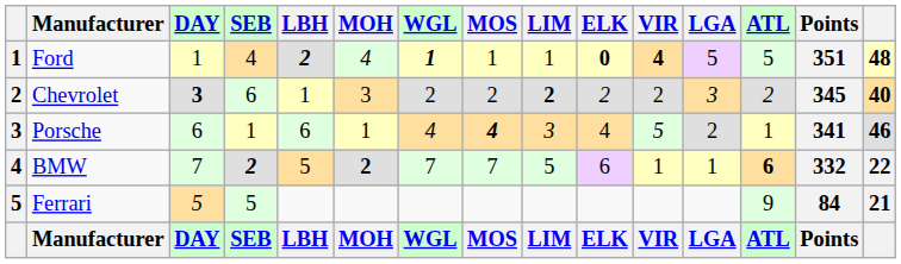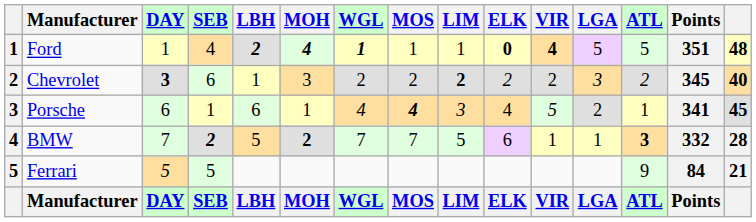 <table class="wikitable" style="font-size:85%; text-align:center">
 <tr style="background:#f9f9f9; vertical-align:top;">
 <th valign=middle></th>
 <th valign=middle>Manufacturer</th>
 <td style="background:#ccffcc;"><strong><a href='#'>DAY</a></strong></td>
 <td style="background:#ccffcc;"><strong><a href='#'>SEB</a></strong></td>
 <th><a href='#'>LBH</a></th>
 <th><a href='#'>MOH</a></th>
 <td style="background:#ccffcc;"><strong><a href='#'>WGL</a></strong></td>
 <th><a href='#'>MOS</a></th>
 <th><a href='#'>LIM</a></th>
 <th><a href='#'>ELK</a></th>
 <th><a href='#'>VIR</a></th>
 <th><a href='#'>LGA</a></th>
 <td style="background:#ccffcc;"><strong><a href='#'>ATL</a></strong></td>
 <th valign=middle>Points</th>
 <th valign=middle></th>
 </tr>
 <tr>
 <th>1</th>
 <td align=left><a href='#'>Ford</a></td>
 <td style="background:#ffffbf;">1</td>
 <td style="background:#ffdf9f;">4</td>
 <td style="background:#dfdfdf;"><strong><em>2</em></strong></td>
-<td style="background:#dfffdf;"><em>4</em></td>
+<td style="background:#dfffdf;"><strong><em>4</em></strong></td>
 <td style="background:#ffffbf;"><strong><em>1</em></strong></td>
 <td style="background:#ffffbf;">1</td>
 <td style="background:#ffffbf;">1</td>
 <td style="background:#ffffbf;"><strong>0</strong></td>
 <td style="background:#ffdf9f;"><strong>4</strong></td>
 <td style="background:#efcfff;">5</td>
 <td style="background:#dfffdf;">5</td>
 <th>351</th>
 <th style="background:#ffffbf;">48</th>
 </tr>
 <tr>
 <th>2</th>
 <td align=left><a href='#'>Chevrolet</a></td>
 <td style="background:#dfdfdf;"><strong>3</strong></td>
 <td style="background:#dfffdf;">6</td>
 <td style="background:#ffffbf;">1</td>
 <td style="background:#ffdf9f;">3</td>
 <td style="background:#dfdfdf;">2</td>
 <td style="background:#dfdfdf;">2</td>
 <td style="background:#dfdfdf;"><strong>2</strong></td>
 <td style="background:#dfdfdf;"><em>2</em></td>
 <td style="background:#dfdfdf;">2</td>
 <td style="background:#ffdf9f;"><em>3</em></td>
 <td style="background:#dfdfdf;"><em>2</em></td>
 <th>345</th>
 <th style="background:#ffdf9f;">40</th>
 </tr>
 <tr>
 <th>3</th>
 <td align=left><a href='#'>Porsche</a></td>
 <td style="background:#dfffdf;">6</td>
 <td style="background:#ffffbf;">1</td>
 <td style="background:#dfffdf;">6</td>
 <td style="background:#ffffbf;">1</td>
 <td style="background:#ffdf9f;"><em>4</em></td>
 <td style="background:#ffdf9f;"><strong><em>4</em></strong></td>
 <td style="background:#ffdf9f;"><em>3</em></td>
 <td style="background:#ffdf9f;">4</td>
 <td style="background:#dfffdf;"><em>5</em></td>
 <td style="background:#dfdfdf;">2</td>
 <td style="background:#ffffbf;">1</td>
 <th>341</th>
-<th style="background:#dfdfdf;">46</th>
+<th style="background:#dfdfdf;">45</th>
 </tr>
 <tr>
 <th>4</th>
 <td align=left><a href='#'>BMW</a></td>
 <td style="background:#dfffdf;">7</td>
 <td style="background:#dfdfdf;"><strong><em>2</em></strong></td>
 <td style="background:#ffdf9f;">5</td>
 <td style="background:#dfdfdf;"><strong>2</strong></td>
 <td style="background:#dfffdf;">7</td>
 <td style="background:#dfffdf;'">7</td>
 <td style="background:#dfffdf;">5</td>
 <td style="background:#efcfff;">6</td>
 <td style="background:#ffffbf;">1</td>
 <td style="background:#ffffbf;">1</td>
-<td style="background:#ffdf9f;"><strong>6</strong></td>
+<td style="background:#ffdf9f;"><strong>3</strong></td>
 <th>332</th>
-<th>22</th>
+<th>28</th>
 </tr>
 <tr>
 <th>5</th>
 <td align=left><a href='#'>Ferrari</a></td>
 <td style="background:#ffdf9f;"><em>5</em></td>
 <td style="background:#dfffdf;">5</td>
 <td></td>
 <td></td>
 <td></td>
 <td></td>
 <td></td>
 <td></td>
 <td></td>
 <td></td>
 <td style="background:#dfffdf;">9</td>
 <th>84</th>
 <th>21</th>
 </tr>
 <tr valign="top">
 <th valign=middle></th>
 <th valign=middle>Manufacturer</th>
 <td style="background:#ccffcc;"><strong><a href='#'>DAY</a></strong></td>
 <td style="background:#ccffcc;"><strong><a href='#'>SEB</a></strong></td>
 <th><a href='#'>LBH</a></th>
 <th><a href='#'>MOH</a></th>
 <td style="background:#ccffcc;"><strong><a href='#'>WGL</a></strong></td>
 <th><a href='#'>MOS</a></th>
 <th><a href='#'>LIM</a></th>
 <th><a href='#'>ELK</a></th>
 <th><a href='#'>VIR</a></th>
 <th><a href='#'>LGA</a></th>
 <td style="background:#ccffcc;"><strong><a href='#'>ATL</a></strong></td>
 <th valign=middle>Points</th>
 <th valign=middle></th>
 </tr>
 </table>
